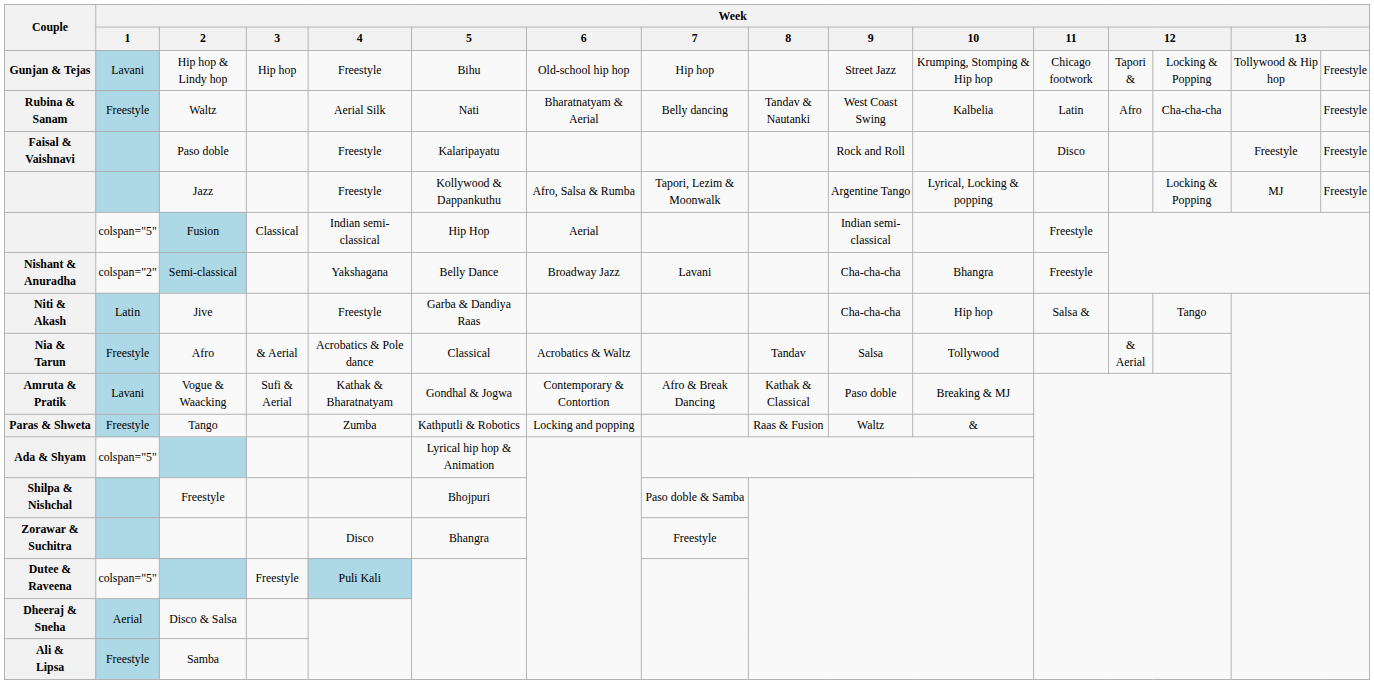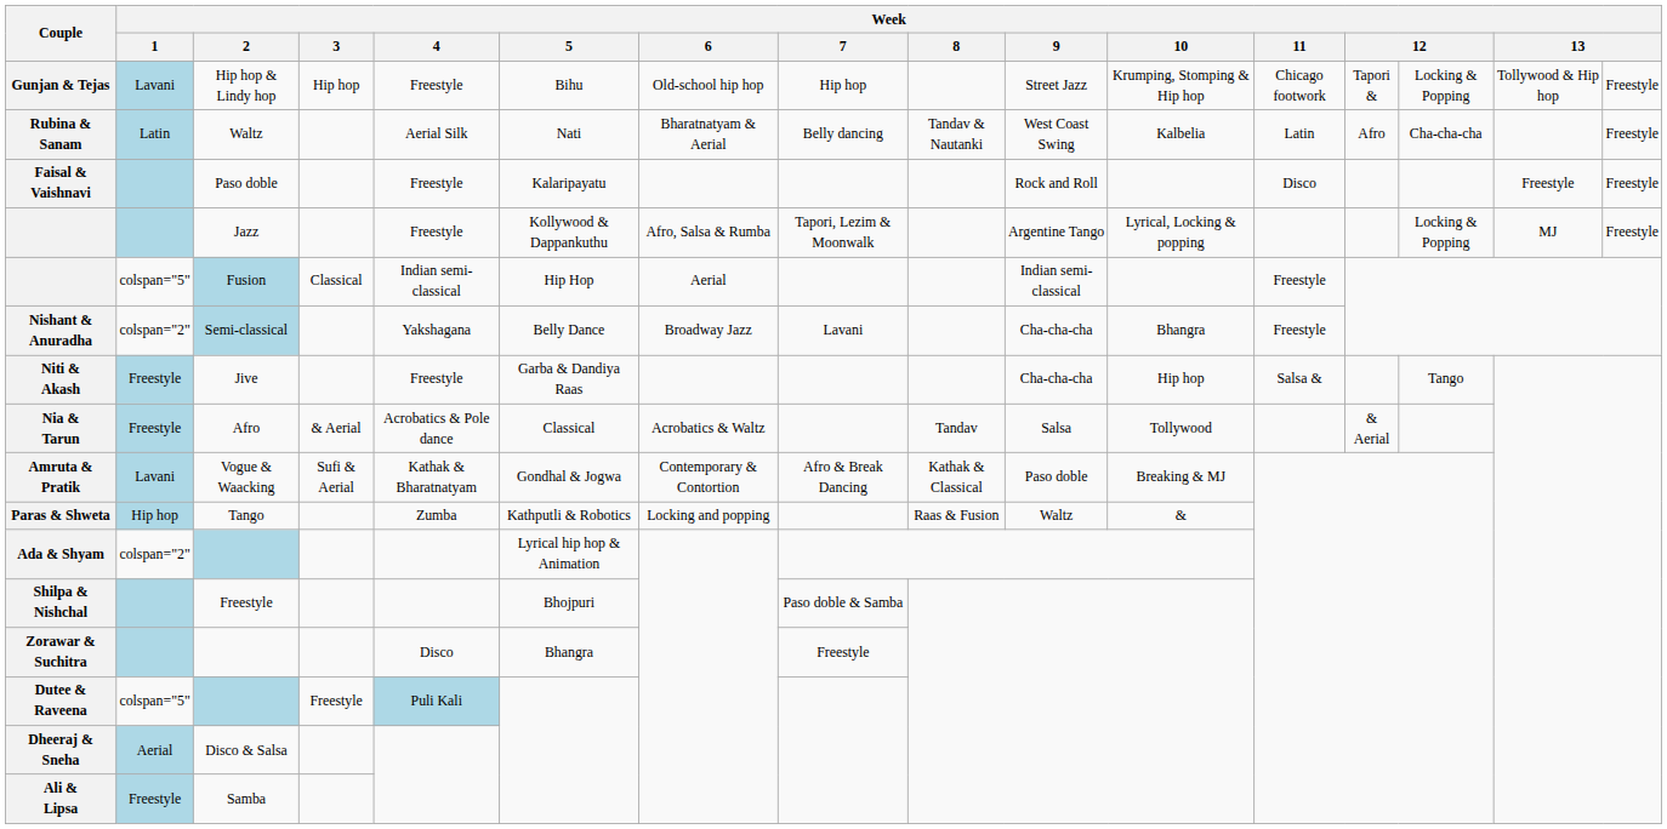 <table class="wikitable unsortable" style="text-align:center; font-size:85%; line-height:20px">
 <tr>
 <th rowspan="2">Couple</th>
 <th colspan="15">Week</th>
 </tr>
 <tr>
 <th>1</th>
 <th>2</th>
 <th>3</th>
 <th>4</th>
 <th>5</th>
 <th>6</th>
 <th>7</th>
 <th>8</th>
 <th>9</th>
 <th>10</th>
 <th>11</th>
 <th colspan="2">12</th>
 <th colspan="2">13</th>
 </tr>
 <tr>
 <th>Gunjan & Tejas</th>
 <td bgcolor="lightblue">Lavani</td>
 <td>Hip hop & Lindy hop</td>
 <td>Hip hop</td>
 <td>Freestyle</td>
 <td>Bihu</td>
 <td>Old-school hip hop</td>
 <td>Hip hop</td>
 <td></td>
 <td>Street Jazz</td>
 <td>Krumping, Stomping & Hip hop</td>
 <td>Chicago footwork</td>
 <td>Tapori & </td>
 <td>Locking & Popping</td>
 <td>Tollywood & Hip hop</td>
 <td>Freestyle</td>
 </tr>
 <tr>
 <th>Rubina & Sanam</th>
-<td bgcolor="lightblue">Freestyle</td>
+<td bgcolor="lightblue">Latin</td>
 <td>Waltz</td>
 <td></td>
 <td>Aerial Silk</td>
 <td>Nati</td>
 <td>Bharatnatyam & Aerial</td>
 <td>Belly dancing</td>
 <td>Tandav & Nautanki</td>
 <td>West Coast Swing</td>
 <td>Kalbelia</td>
 <td>Latin</td>
 <td>Afro</td>
 <td>Cha-cha-cha</td>
 <td></td>
 <td>Freestyle</td>
 </tr>
 <tr>
 <th>Faisal & Vaishnavi</th>
 <td bgcolor="lightblue"></td>
 <td>Paso doble</td>
 <td></td>
 <td>Freestyle</td>
 <td>Kalaripayatu</td>
 <td></td>
 <td></td>
 <td></td>
 <td>Rock and Roll</td>
 <td></td>
 <td>Disco</td>
 <td></td>
 <td></td>
 <td>Freestyle</td>
 <td>Freestyle</td>
 </tr>
 <tr>
 <th></th>
 <td bgcolor="lightblue"></td>
 <td>Jazz</td>
 <td></td>
 <td>Freestyle</td>
 <td>Kollywood & Dappankuthu</td>
 <td>Afro, Salsa & Rumba</td>
 <td>Tapori, Lezim & Moonwalk</td>
 <td></td>
 <td>Argentine Tango</td>
 <td>Lyrical, Locking & popping</td>
 <td></td>
 <td></td>
 <td>Locking & Popping</td>
 <td>MJ</td>
 <td>Freestyle</td>
 </tr>
 <tr>
 <th></th>
 <td>colspan="5" </td>
 <td bgcolor="lightblue">Fusion</td>
 <td>Classical</td>
 <td>Indian semi-classical</td>
 <td>Hip Hop</td>
 <td>Aerial</td>
 <td></td>
 <td></td>
 <td>Indian semi-classical</td>
 <td></td>
 <td>Freestyle</td>
 </tr>
 <tr>
 <th>Nishant & Anuradha</th>
 <td>colspan="2" </td>
 <td bgcolor="lightblue">Semi-classical</td>
 <td></td>
 <td>Yakshagana</td>
 <td>Belly Dance</td>
 <td>Broadway Jazz</td>
 <td>Lavani</td>
 <td></td>
 <td>Cha-cha-cha</td>
 <td>Bhangra</td>
 <td>Freestyle</td>
 </tr>
 <tr>
 <th>Niti &<br>Akash</th>
-<td bgcolor="lightblue">Latin</td>
+<td bgcolor="lightblue">Freestyle</td>
 <td>Jive</td>
 <td></td>
 <td>Freestyle</td>
 <td>Garba & Dandiya Raas</td>
 <td></td>
 <td></td>
 <td></td>
 <td>Cha-cha-cha</td>
 <td>Hip hop</td>
 <td>Salsa & </td>
 <td></td>
 <td>Tango</td>
 <td colspan="2" rowspan="10"></td>
 </tr>
 <tr>
 <th>Nia &<br>Tarun</th>
 <td bgcolor="lightblue">Freestyle</td>
 <td>Afro</td>
 <td> & Aerial</td>
 <td>Acrobatics & Pole dance</td>
 <td>Classical</td>
 <td>Acrobatics & Waltz</td>
 <td></td>
 <td>Tandav</td>
 <td>Salsa</td>
 <td>Tollywood</td>
 <td></td>
 <td> & Aerial</td>
 <td></td>
 </tr>
 <tr>
 <th>Amruta & Pratik</th>
 <td bgcolor="lightblue">Lavani</td>
 <td>Vogue & Waacking</td>
 <td>Sufi & Aerial</td>
 <td>Kathak & Bharatnatyam</td>
 <td>Gondhal & Jogwa</td>
 <td>Contemporary & Contortion</td>
 <td>Afro & Break Dancing</td>
 <td>Kathak & Classical</td>
 <td>Paso doble</td>
 <td>Breaking & MJ</td>
 <td colspan="3" rowspan="8"></td>
 </tr>
 <tr>
 <th>Paras & Shweta</th>
-<td bgcolor="lightblue">Freestyle</td>
+<td bgcolor="lightblue">Hip hop</td>
 <td>Tango</td>
 <td></td>
 <td>Zumba</td>
 <td>Kathputli & Robotics</td>
 <td>Locking and popping</td>
 <td></td>
 <td>Raas & Fusion</td>
 <td>Waltz</td>
 <td> & </td>
 </tr>
 <tr>
 <th>Ada & Shyam</th>
-<td>colspan="5" </td>
+<td>colspan="2" </td>
 <td bgcolor="lightblue"></td>
 <td></td>
 <td></td>
 <td>Lyrical hip hop & Animation</td>
 <td rowspan="6"></td>
 </tr>
 <tr>
 <th>Shilpa & Nishchal</th>
 <td bgcolor="lightblue"></td>
 <td>Freestyle</td>
 <td></td>
 <td></td>
 <td>Bhojpuri</td>
 <td>Paso doble & Samba</td>
 <td colspan="3" rowspan="5"></td>
 </tr>
 <tr>
 <th>Zorawar & Suchitra</th>
 <td bgcolor="lightblue"></td>
 <td></td>
 <td></td>
 <td>Disco</td>
 <td>Bhangra</td>
 <td>Freestyle</td>
 </tr>
 <tr>
 <th>Dutee & Raveena</th>
 <td>colspan="5" </td>
 <td bgcolor="lightblue"></td>
 <td>Freestyle</td>
 <td bgcolor="lightblue">Puli Kali</td>
 <td rowspan="3"></td>
 </tr>
 <tr>
 <th>Dheeraj & Sneha</th>
 <td bgcolor="lightblue">Aerial</td>
 <td>Disco & Salsa</td>
 <td></td>
 <td colspan="2" rowspan="2"></td>
 </tr>
 <tr>
 <th>Ali &<br>Lipsa</th>
 <td bgcolor="lightblue">Freestyle</td>
 <td>Samba</td>
 <td></td>
 </tr>
 </table>
